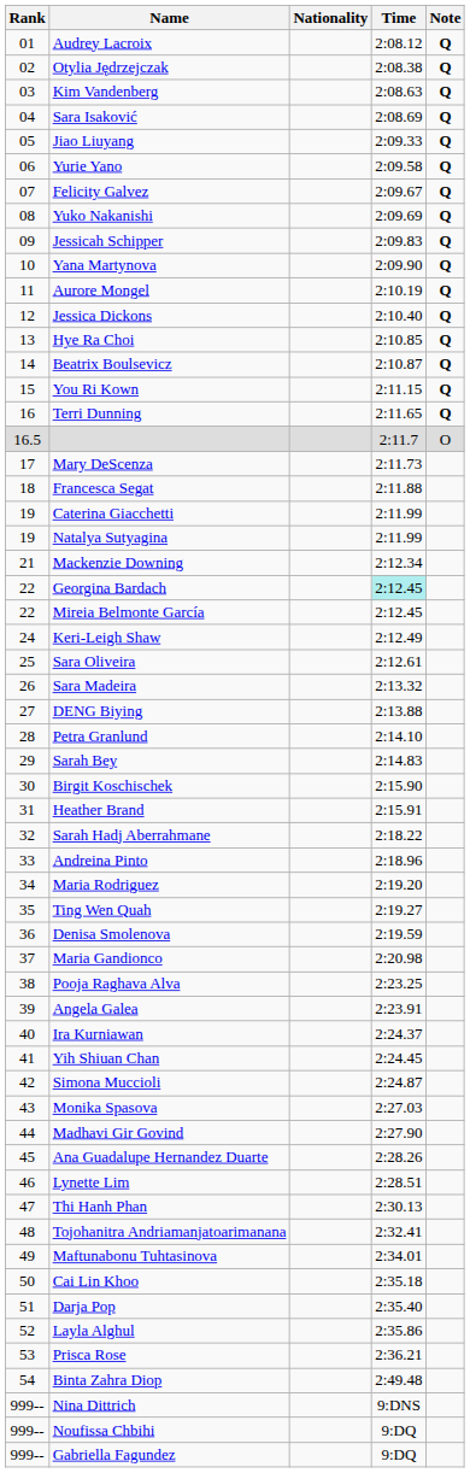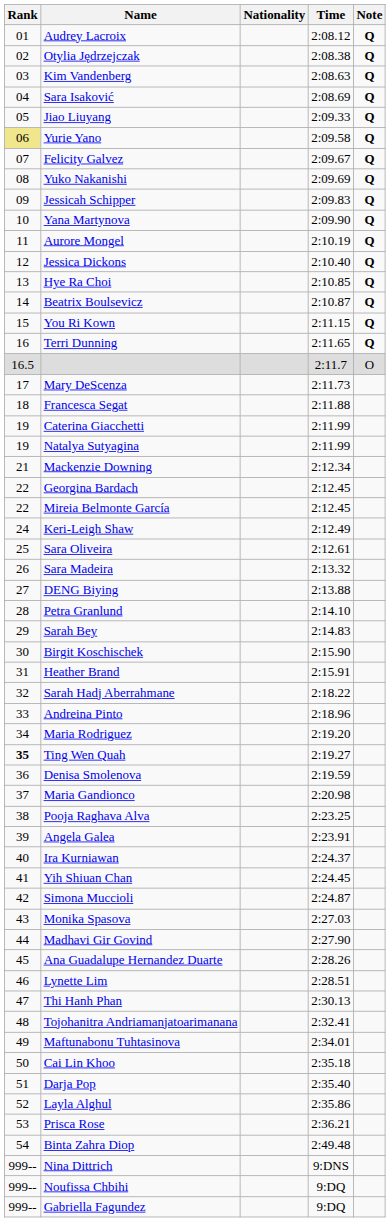 <table class="wikitable sortable" style="text-align:center">
 <tr>
 <th>Rank</th>
 <th>Name</th>
 <th>Nationality</th>
 <th>Time</th>
 <th>Note</th>
 </tr>
 <tr>
 <td><span>0</span>1</td>
 <td align=left><a href='#'>Audrey Lacroix</a></td>
 <td align=left></td>
 <td>2:08.12</td>
 <td><strong>Q</strong></td>
 </tr>
 <tr>
 <td><span>0</span>2</td>
 <td align=left><a href='#'>Otylia Jędrzejczak</a></td>
 <td align=left></td>
 <td>2:08.38</td>
 <td><strong>Q</strong></td>
 </tr>
 <tr>
 <td><span>0</span>3</td>
 <td align=left><a href='#'>Kim Vandenberg</a></td>
 <td align=left></td>
 <td>2:08.63</td>
 <td><strong>Q</strong></td>
 </tr>
 <tr>
 <td><span>0</span>4</td>
 <td align=left><a href='#'>Sara Isaković</a></td>
 <td align=left></td>
 <td>2:08.69</td>
 <td><strong>Q</strong></td>
 </tr>
 <tr>
 <td><span>0</span>5</td>
 <td align=left><a href='#'>Jiao Liuyang</a></td>
 <td align=left></td>
 <td>2:09.33</td>
 <td><strong>Q</strong></td>
 </tr>
 <tr>
-<td><span>0</span>6</td>
+<td style="background: khaki;"><span>0</span>6</td>
 <td align=left><a href='#'>Yurie Yano</a></td>
 <td align=left></td>
 <td>2:09.58</td>
 <td><strong>Q</strong></td>
 </tr>
 <tr>
 <td><span>0</span>7</td>
 <td align=left><a href='#'>Felicity Galvez</a></td>
 <td align=left></td>
 <td>2:09.67</td>
 <td><strong>Q</strong></td>
 </tr>
 <tr>
 <td><span>0</span>8</td>
 <td align=left><a href='#'>Yuko Nakanishi</a></td>
 <td align=left></td>
 <td>2:09.69</td>
 <td><strong>Q</strong></td>
 </tr>
 <tr>
 <td><span>0</span>9</td>
 <td align=left><a href='#'>Jessicah Schipper</a></td>
 <td align=left></td>
 <td>2:09.83</td>
 <td><strong>Q</strong></td>
 </tr>
 <tr>
 <td>10</td>
 <td align=left><a href='#'>Yana Martynova</a></td>
 <td align=left></td>
 <td>2:09.90</td>
 <td><strong>Q</strong></td>
 </tr>
 <tr>
 <td>11</td>
 <td align=left><a href='#'>Aurore Mongel</a></td>
 <td align=left></td>
 <td>2:10.19</td>
 <td><strong>Q</strong></td>
 </tr>
 <tr>
 <td>12</td>
 <td align=left><a href='#'>Jessica Dickons</a></td>
 <td align=left></td>
 <td>2:10.40</td>
 <td><strong>Q</strong></td>
 </tr>
 <tr>
 <td>13</td>
 <td align=left><a href='#'>Hye Ra Choi</a></td>
 <td align=left></td>
 <td>2:10.85</td>
 <td><strong>Q</strong></td>
 </tr>
 <tr>
 <td>14</td>
 <td align=left><a href='#'>Beatrix Boulsevicz</a></td>
 <td align=left></td>
 <td>2:10.87</td>
 <td><strong>Q</strong></td>
 </tr>
 <tr>
 <td>15</td>
 <td align=left><a href='#'>You Ri Kown</a></td>
 <td align=left></td>
 <td>2:11.15</td>
 <td><strong>Q</strong></td>
 </tr>
 <tr>
 <td>16</td>
 <td align=left><a href='#'>Terri Dunning</a></td>
 <td align=left></td>
 <td>2:11.65</td>
 <td><strong>Q</strong></td>
 </tr>
 <tr bgcolor=#DDDDDD>
 <td><span>16.5</span></td>
 <td></td>
 <td></td>
 <td><span>2:11.7</span></td>
 <td><span>O</span></td>
 </tr>
 <tr>
 <td>17</td>
 <td align=left><a href='#'>Mary DeScenza</a></td>
 <td align=left></td>
 <td>2:11.73</td>
 <td></td>
 </tr>
 <tr>
 <td>18</td>
 <td align=left><a href='#'>Francesca Segat</a></td>
 <td align=left></td>
 <td>2:11.88</td>
 <td></td>
 </tr>
 <tr>
 <td>19</td>
 <td align=left><a href='#'>Caterina Giacchetti</a></td>
 <td align=left></td>
 <td>2:11.99</td>
 <td></td>
 </tr>
 <tr>
 <td>19</td>
 <td align=left><a href='#'>Natalya Sutyagina</a></td>
 <td align=left></td>
 <td>2:11.99</td>
 <td></td>
 </tr>
 <tr>
 <td>21</td>
 <td align=left><a href='#'>Mackenzie Downing</a></td>
 <td align=left></td>
 <td>2:12.34</td>
 <td></td>
 </tr>
 <tr>
 <td>22</td>
 <td align=left><a href='#'>Georgina Bardach</a></td>
 <td align=left></td>
-<td style="background: paleturquoise;">2:12.45</td>
+<td>2:12.45</td>
 <td></td>
 </tr>
 <tr>
 <td>22</td>
 <td align=left><a href='#'>Mireia Belmonte García</a></td>
 <td align=left></td>
 <td>2:12.45</td>
 <td></td>
 </tr>
 <tr>
 <td>24</td>
 <td align=left><a href='#'>Keri-Leigh Shaw</a></td>
 <td align=left></td>
 <td>2:12.49</td>
 <td></td>
 </tr>
 <tr>
 <td>25</td>
 <td align=left><a href='#'>Sara Oliveira</a></td>
 <td align=left></td>
 <td>2:12.61</td>
 <td></td>
 </tr>
 <tr>
 <td>26</td>
 <td align=left><a href='#'>Sara Madeira</a></td>
 <td align=left></td>
 <td>2:13.32</td>
 <td></td>
 </tr>
 <tr>
 <td>27</td>
 <td align=left><a href='#'>DENG Biying</a></td>
 <td align=left></td>
 <td>2:13.88</td>
 <td></td>
 </tr>
 <tr>
 <td>28</td>
 <td align=left><a href='#'>Petra Granlund</a></td>
 <td align=left></td>
 <td>2:14.10</td>
 <td></td>
 </tr>
 <tr>
 <td>29</td>
 <td align=left><a href='#'>Sarah Bey</a></td>
 <td align=left></td>
 <td>2:14.83</td>
 <td></td>
 </tr>
 <tr>
 <td>30</td>
 <td align=left><a href='#'>Birgit Koschischek</a></td>
 <td align=left></td>
 <td>2:15.90</td>
 <td></td>
 </tr>
 <tr>
 <td>31</td>
 <td align=left><a href='#'>Heather Brand</a></td>
 <td align=left></td>
 <td>2:15.91</td>
 <td></td>
 </tr>
 <tr>
 <td>32</td>
 <td align=left><a href='#'>Sarah Hadj Aberrahmane</a></td>
 <td align=left></td>
 <td>2:18.22</td>
 <td></td>
 </tr>
 <tr>
 <td>33</td>
 <td align=left><a href='#'>Andreina Pinto</a></td>
 <td align=left></td>
 <td>2:18.96</td>
 <td></td>
 </tr>
 <tr>
 <td>34</td>
 <td align=left><a href='#'>Maria Rodriguez</a></td>
 <td align=left></td>
 <td>2:19.20</td>
 <td></td>
 </tr>
 <tr>
-<td>35</td>
+<td><strong>35</strong></td>
 <td align=left><a href='#'>Ting Wen Quah</a></td>
 <td align=left></td>
 <td>2:19.27</td>
 <td></td>
 </tr>
 <tr>
 <td>36</td>
 <td align=left><a href='#'>Denisa Smolenova</a></td>
 <td align=left></td>
 <td>2:19.59</td>
 <td></td>
 </tr>
 <tr>
 <td>37</td>
 <td align=left><a href='#'>Maria Gandionco</a></td>
 <td align=left></td>
 <td>2:20.98</td>
 <td></td>
 </tr>
 <tr>
 <td>38</td>
 <td align=left><a href='#'>Pooja Raghava Alva</a></td>
 <td align=left></td>
 <td>2:23.25</td>
 <td></td>
 </tr>
 <tr>
 <td>39</td>
 <td align=left><a href='#'>Angela Galea</a></td>
 <td align=left></td>
 <td>2:23.91</td>
 <td></td>
 </tr>
 <tr>
 <td>40</td>
 <td align=left><a href='#'>Ira Kurniawan</a></td>
 <td align=left></td>
 <td>2:24.37</td>
 <td></td>
 </tr>
 <tr>
 <td>41</td>
 <td align=left><a href='#'>Yih Shiuan Chan</a></td>
 <td align=left></td>
 <td>2:24.45</td>
 <td></td>
 </tr>
 <tr>
 <td>42</td>
 <td align=left><a href='#'>Simona Muccioli</a></td>
 <td align=left></td>
 <td>2:24.87</td>
 <td></td>
 </tr>
 <tr>
 <td>43</td>
 <td align=left><a href='#'>Monika Spasova</a></td>
 <td align=left></td>
 <td>2:27.03</td>
 <td></td>
 </tr>
 <tr>
 <td>44</td>
 <td align=left><a href='#'>Madhavi Gir Govind</a></td>
 <td align=left></td>
 <td>2:27.90</td>
 <td></td>
 </tr>
 <tr>
 <td>45</td>
 <td align=left><a href='#'>Ana Guadalupe Hernandez Duarte</a></td>
 <td align=left></td>
 <td>2:28.26</td>
 <td></td>
 </tr>
 <tr>
 <td>46</td>
 <td align=left><a href='#'>Lynette Lim</a></td>
 <td align=left></td>
 <td>2:28.51</td>
 <td></td>
 </tr>
 <tr>
 <td>47</td>
 <td align=left><a href='#'>Thi Hanh Phan</a></td>
 <td align=left></td>
 <td>2:30.13</td>
 <td></td>
 </tr>
 <tr>
 <td>48</td>
 <td align=left><a href='#'>Tojohanitra Andriamanjatoarimanana</a></td>
 <td align=left></td>
 <td>2:32.41</td>
 <td></td>
 </tr>
 <tr>
 <td>49</td>
 <td align=left><a href='#'>Maftunabonu Tuhtasinova</a></td>
 <td align=left></td>
 <td>2:34.01</td>
 <td></td>
 </tr>
 <tr>
 <td>50</td>
 <td align=left><a href='#'>Cai Lin Khoo</a></td>
 <td align=left></td>
 <td>2:35.18</td>
 <td></td>
 </tr>
 <tr>
 <td>51</td>
 <td align=left><a href='#'>Darja Pop</a></td>
 <td align=left></td>
 <td>2:35.40</td>
 <td></td>
 </tr>
 <tr>
 <td>52</td>
 <td align=left><a href='#'>Layla Alghul</a></td>
 <td align=left></td>
 <td>2:35.86</td>
 <td></td>
 </tr>
 <tr>
 <td>53</td>
 <td align=left><a href='#'>Prisca Rose</a></td>
 <td align=left></td>
 <td>2:36.21</td>
 <td></td>
 </tr>
 <tr>
 <td>54</td>
 <td align=left><a href='#'>Binta Zahra Diop</a></td>
 <td align=left></td>
 <td>2:49.48</td>
 <td></td>
 </tr>
 <tr>
 <td><span>999</span>--</td>
 <td align=left><a href='#'>Nina Dittrich</a></td>
 <td align=left></td>
 <td><span>9:</span>DNS</td>
 <td></td>
 </tr>
 <tr>
 <td><span>999</span>--</td>
 <td align=left><a href='#'>Noufissa Chbihi</a></td>
 <td align=left></td>
 <td><span>9:</span>DQ</td>
 <td></td>
 </tr>
 <tr>
 <td><span>999</span>--</td>
 <td align=left><a href='#'>Gabriella Fagundez</a></td>
 <td align=left></td>
 <td><span>9:</span>DQ</td>
 <td></td>
 </tr>
 </table>
